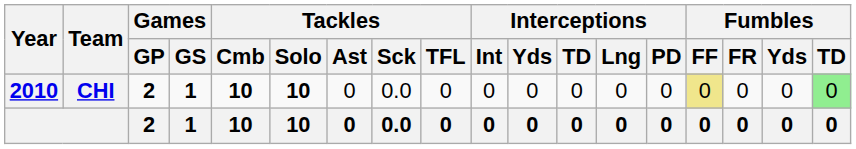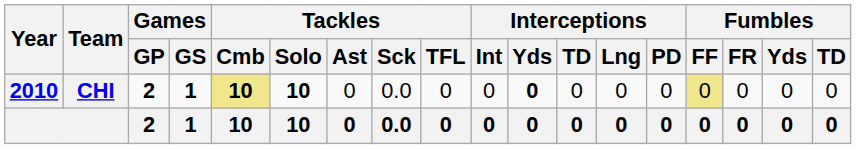 <table class="wikitable" style="text-align:center">
 <tr>
 <th rowspan="2">Year</th>
 <th rowspan="2">Team</th>
 <th colspan="2">Games</th>
 <th colspan="5">Tackles</th>
 <th colspan="5">Interceptions</th>
 <th colspan="4">Fumbles</th>
 </tr>
 <tr>
 <th>GP</th>
 <th>GS</th>
 <th>Cmb</th>
 <th>Solo</th>
 <th>Ast</th>
 <th>Sck</th>
 <th>TFL</th>
 <th>Int</th>
 <th>Yds</th>
 <th>TD</th>
 <th>Lng</th>
 <th>PD</th>
 <th>FF</th>
 <th>FR</th>
 <th>Yds</th>
 <th>TD</th>
 </tr>
 <tr>
 <th><a href='#'>2010</a></th>
 <th><a href='#'>CHI</a></th>
 <td><strong>2</strong></td>
 <td><strong>1</strong></td>
-<td><strong>10</strong></td>
+<td style="background: khaki;"><strong>10</strong></td>
 <td><strong>10</strong></td>
 <td>0</td>
 <td>0.0</td>
 <td>0</td>
 <td>0</td>
-<td>0</td>
+<td><strong>0</strong></td>
 <td>0</td>
 <td>0</td>
 <td>0</td>
 <td style="background: khaki;">0</td>
 <td>0</td>
 <td>0</td>
-<td style="background: lightgreen;">0</td>
+<td>0</td>
 </tr>
 <tr>
 <th colspan="2"></th>
 <th>2</th>
 <th>1</th>
 <th>10</th>
 <th>10</th>
 <th>0</th>
 <th>0.0</th>
 <th>0</th>
 <th>0</th>
 <th>0</th>
 <th>0</th>
 <th>0</th>
 <th>0</th>
 <th>0</th>
 <th>0</th>
 <th>0</th>
 <th>0</th>
 </tr>
 </table>
